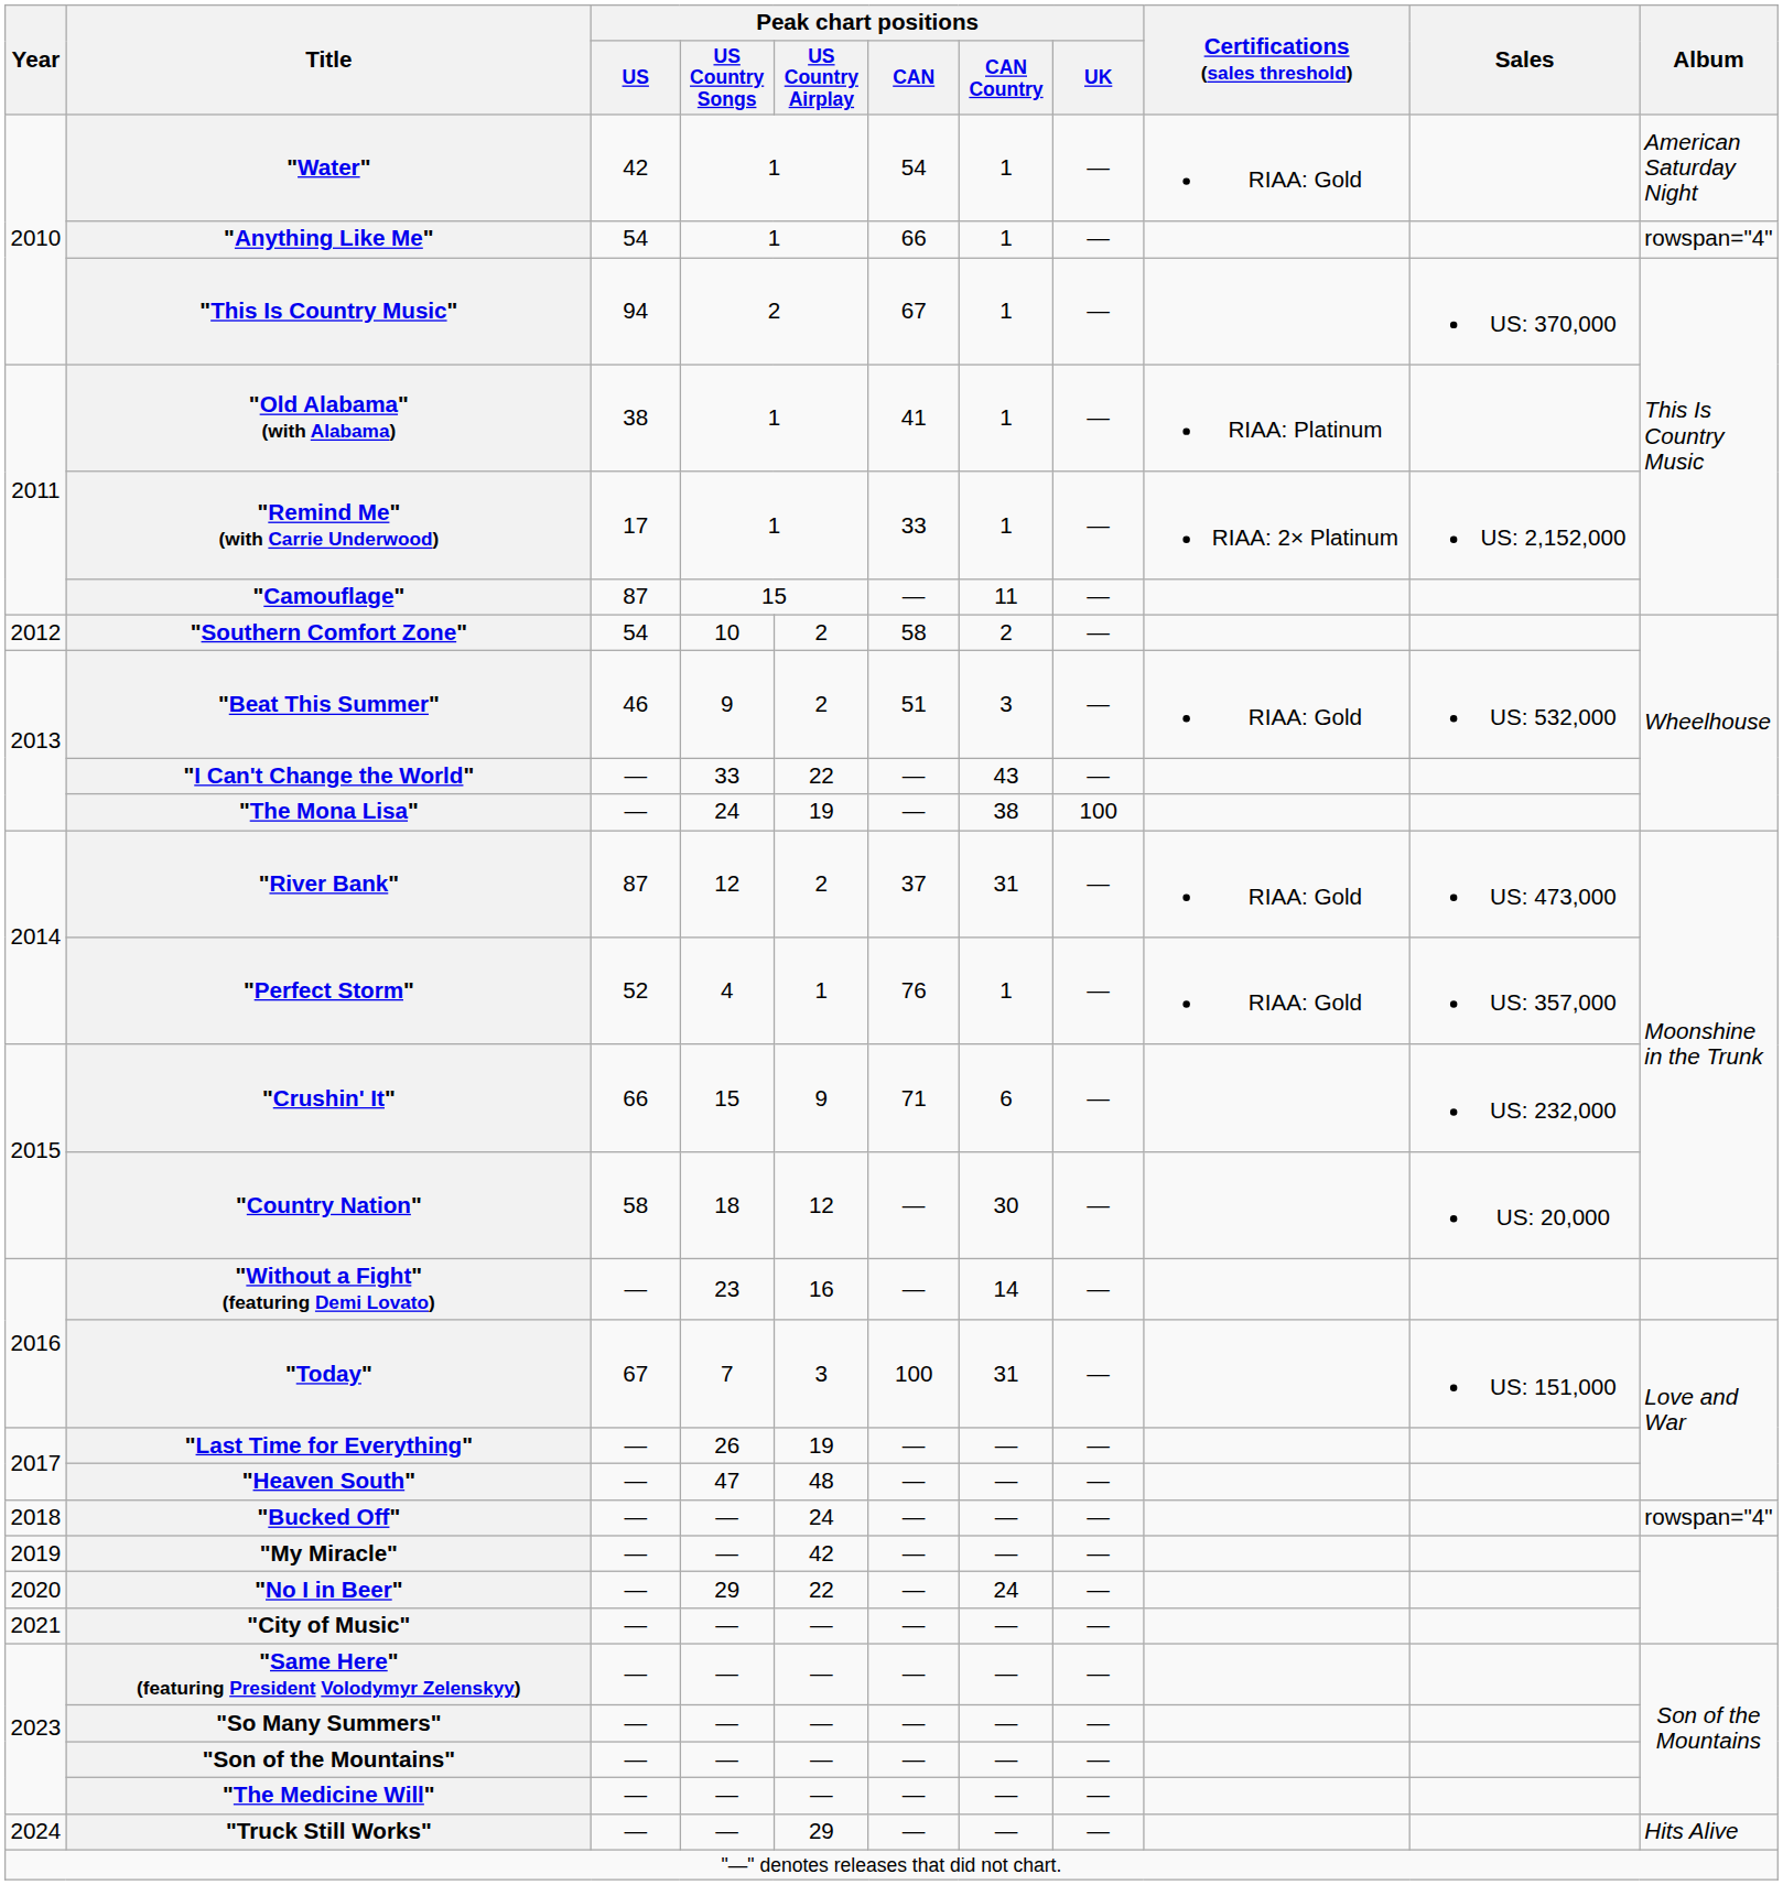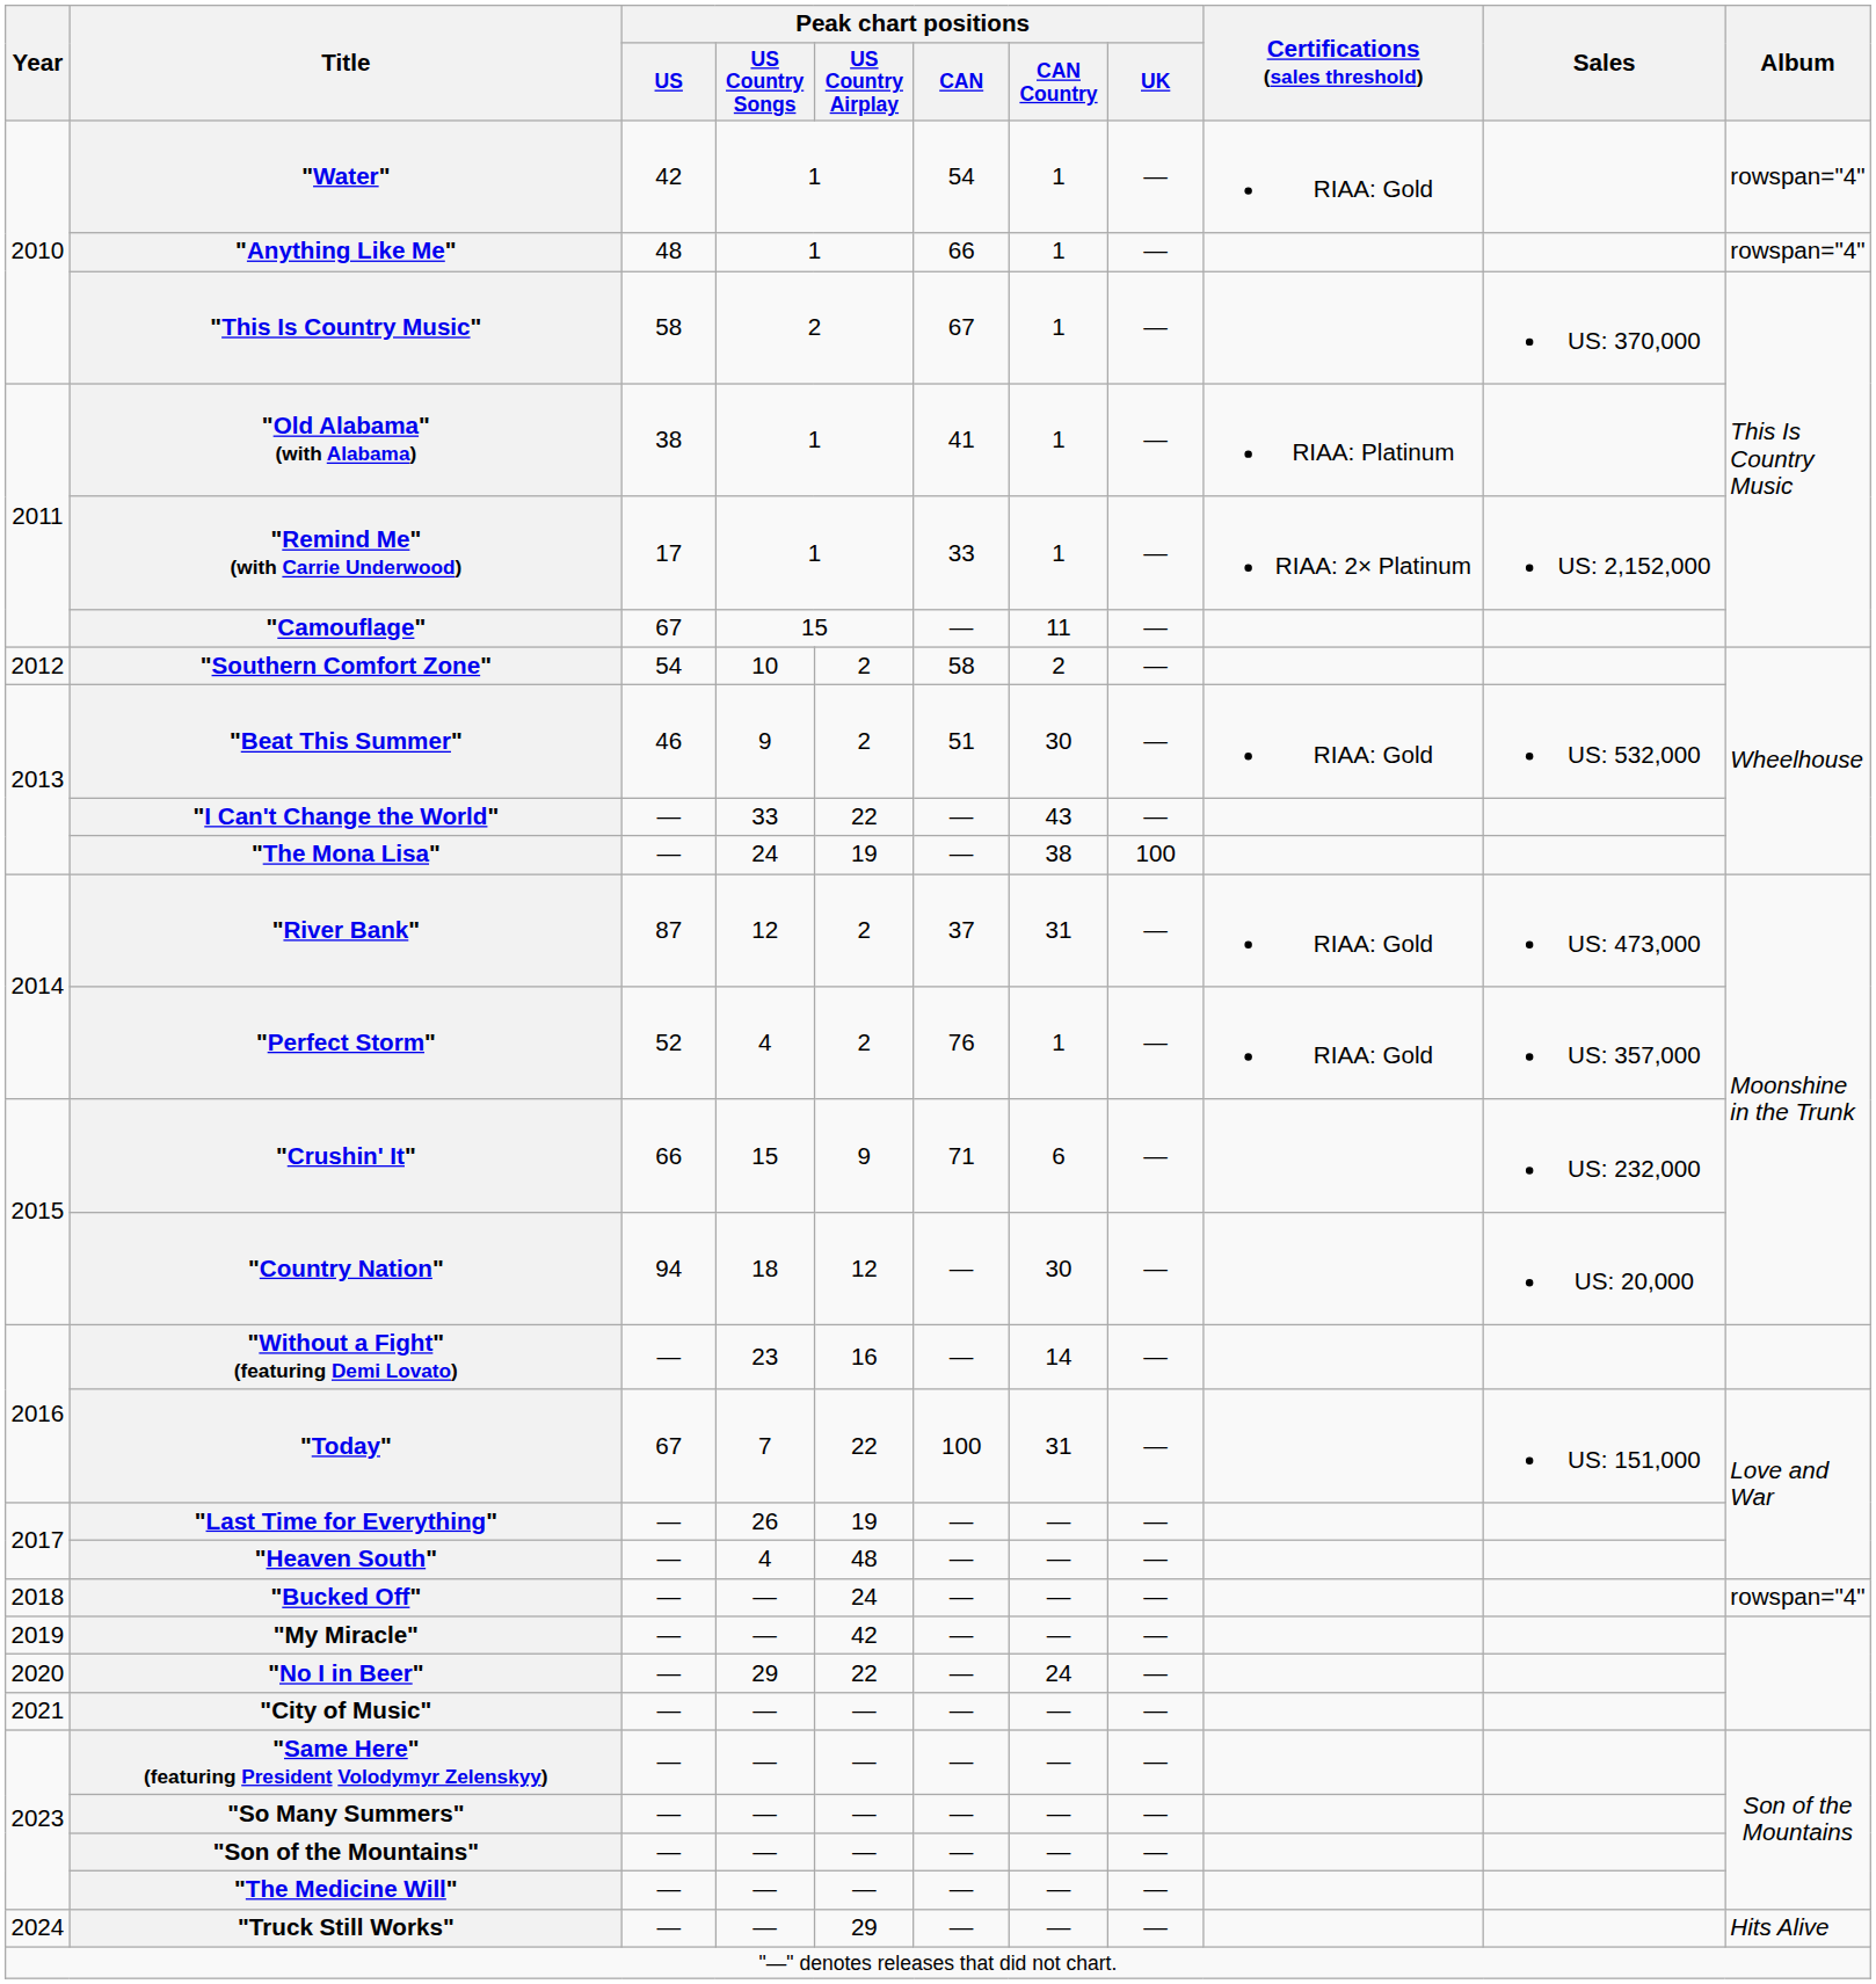 <table class="wikitable plainrowheaders" style="text-align:center;">
 <tr>
 <th scope="col" rowspan="2">Year</th>
 <th scope="col" rowspan="2" style="width:25em;">Title</th>
 <th scope="col" colspan="6">Peak chart positions</th>
 <th scope="col" rowspan="2" style="width:12em;"><a href='#'>Certifications</a><br><small>(<a href='#'>sales threshold</a>)</small></th>
 <th scope="col" rowspan="2" style="width:10em;">Sales</th>
 <th scope="col" rowspan="2">Album</th>
 </tr>
 <tr>
 <th scope="col" style="width:4.5em;font-size:85%;"><a href='#'>US</a><br></th>
 <th scope="col" style="width:4.5em;font-size:85%;"><a href='#'>US Country Songs</a><br></th>
 <th scope="col" style="width:4.5em;font-size:85%;"><a href='#'>US Country Airplay</a><br></th>
 <th scope="col" style="width:4.5em;font-size:85%;"><a href='#'>CAN</a><br></th>
 <th scope="col" style="width:4.5em;font-size:85%;"><a href='#'>CAN Country</a><br></th>
 <th scope="col" style="width:4.5em;font-size:85%;"><a href='#'>UK</a></th>
 </tr>
 <tr>
 <td rowspan="3">2010</td>
 <th scope="row">"<a href='#'>Water</a>"</th>
 <td>42</td>
 <td colspan="2">1</td>
 <td>54</td>
 <td>1</td>
 <td>—</td>
 <td><br><ul><li>RIAA: Gold</li></ul></td>
 <td></td>
-<td align="left"><em>American Saturday Night</em></td>
+<td>rowspan="4" </td>
 </tr>
 <tr>
 <th scope="row">"<a href='#'>Anything Like Me</a>"</th>
-<td>54</td>
+<td>48</td>
 <td colspan="2">1</td>
 <td>66</td>
 <td>1</td>
 <td>—</td>
 <td></td>
 <td></td>
 <td>rowspan="4" </td>
 </tr>
 <tr>
 <th scope="row">"<a href='#'>This Is Country Music</a>"</th>
-<td>94</td>
+<td>58</td>
 <td colspan="2">2</td>
 <td>67</td>
 <td>1</td>
 <td>—</td>
 <td></td>
 <td><br><ul><li>US: 370,000</li></ul></td>
 <td align="left" rowspan="4"><em>This Is Country Music</em></td>
 </tr>
 <tr>
 <td rowspan="3">2011</td>
 <th scope="row">"<a href='#'>Old Alabama</a>"<br> <small>(with <a href='#'>Alabama</a>)</small></th>
 <td>38</td>
 <td colspan="2">1</td>
 <td>41</td>
 <td>1</td>
 <td>—</td>
 <td><br><ul><li>RIAA: Platinum</li></ul></td>
 <td></td>
 </tr>
 <tr>
 <th scope="row">"<a href='#'>Remind Me</a>"<br> <small>(with <a href='#'>Carrie Underwood</a>)</small></th>
 <td>17</td>
 <td colspan="2">1</td>
 <td>33</td>
 <td>1</td>
 <td>—</td>
 <td><br><ul><li>RIAA: 2× Platinum</li></ul></td>
 <td><br><ul><li>US: 2,152,000</li></ul></td>
 </tr>
 <tr>
 <th scope="row">"<a href='#'>Camouflage</a>"</th>
-<td>87</td>
+<td>67</td>
 <td colspan="2">15</td>
 <td>—</td>
 <td>11</td>
 <td>—</td>
 <td></td>
 <td></td>
 </tr>
 <tr>
 <td>2012</td>
 <th scope="row">"<a href='#'>Southern Comfort Zone</a>"</th>
 <td>54</td>
 <td>10</td>
 <td>2</td>
 <td>58</td>
 <td>2</td>
 <td>—</td>
 <td></td>
 <td></td>
 <td align="left" rowspan="4"><em>Wheelhouse</em></td>
 </tr>
 <tr>
 <td rowspan="3">2013</td>
 <th scope="row">"<a href='#'>Beat This Summer</a>"</th>
 <td>46</td>
 <td>9</td>
 <td>2</td>
 <td>51</td>
-<td>3</td>
+<td>30</td>
 <td>—</td>
 <td><br><ul><li>RIAA: Gold</li></ul></td>
 <td><br><ul><li>US: 532,000</li></ul></td>
 </tr>
 <tr>
 <th scope="row">"<a href='#'>I Can't Change the World</a>"</th>
 <td>—</td>
 <td>33</td>
 <td>22</td>
 <td>—</td>
 <td>43</td>
 <td>—</td>
 <td></td>
 <td></td>
 </tr>
 <tr>
 <th scope="row">"<a href='#'>The Mona Lisa</a>"</th>
 <td>—</td>
 <td>24</td>
 <td>19</td>
 <td>—</td>
 <td>38</td>
 <td>100</td>
 <td></td>
 <td></td>
 </tr>
 <tr>
 <td rowspan="2">2014</td>
 <th scope="row">"<a href='#'>River Bank</a>"</th>
 <td>87</td>
 <td>12</td>
 <td>2</td>
 <td>37</td>
 <td>31</td>
 <td>—</td>
 <td><br><ul><li>RIAA: Gold</li></ul></td>
 <td><br><ul><li>US: 473,000</li></ul></td>
 <td align="left" rowspan="4"><em>Moonshine in the Trunk</em></td>
 </tr>
 <tr>
 <th scope="row">"<a href='#'>Perfect Storm</a>"</th>
 <td>52</td>
 <td>4</td>
-<td>1</td>
+<td>2</td>
 <td>76</td>
 <td>1</td>
 <td>—</td>
 <td><br><ul><li>RIAA: Gold</li></ul></td>
 <td><br><ul><li>US: 357,000</li></ul></td>
 </tr>
 <tr>
 <td rowspan="2">2015</td>
 <th scope="row">"<a href='#'>Crushin' It</a>"</th>
 <td>66</td>
 <td>15</td>
 <td>9</td>
 <td>71</td>
 <td>6</td>
 <td>—</td>
 <td></td>
 <td><br><ul><li>US: 232,000</li></ul></td>
 </tr>
 <tr>
 <th scope="row">"<a href='#'>Country Nation</a>"</th>
-<td>58</td>
+<td>94</td>
 <td>18</td>
 <td>12</td>
 <td>—</td>
 <td>30</td>
 <td>—</td>
 <td></td>
 <td><br><ul><li>US: 20,000</li></ul></td>
 </tr>
 <tr>
 <td rowspan="2">2016</td>
 <th scope="row">"<a href='#'>Without a Fight</a>"<br> <small>(featuring <a href='#'>Demi Lovato</a>)</small></th>
 <td>—</td>
 <td>23</td>
 <td>16</td>
 <td>—</td>
 <td>14</td>
 <td>—</td>
 <td></td>
 <td></td>
 <td></td>
 </tr>
 <tr>
 <th scope="row">"<a href='#'>Today</a>"</th>
 <td>67</td>
 <td>7</td>
-<td>3</td>
+<td>22</td>
 <td>100</td>
 <td>31</td>
 <td>—</td>
 <td></td>
 <td><br><ul><li>US: 151,000</li></ul></td>
 <td align="left" rowspan="3"><em>Love and War</em></td>
 </tr>
 <tr>
 <td rowspan="2">2017</td>
 <th scope="row">"<a href='#'>Last Time for Everything</a>"</th>
 <td>—</td>
 <td>26</td>
 <td>19</td>
 <td>—</td>
 <td>—</td>
 <td>—</td>
 <td></td>
 <td></td>
 </tr>
 <tr>
 <th scope="row">"<a href='#'>Heaven South</a>"</th>
 <td>—</td>
-<td>47</td>
+<td>4</td>
 <td>48</td>
 <td>—</td>
 <td>—</td>
 <td>—</td>
 <td></td>
 <td></td>
 </tr>
 <tr>
 <td>2018</td>
 <th scope="row">"<a href='#'>Bucked Off</a>"</th>
 <td>—</td>
 <td>—</td>
 <td>24</td>
 <td>—</td>
 <td>—</td>
 <td>—</td>
 <td></td>
 <td></td>
 <td>rowspan="4" </td>
 </tr>
 <tr>
 <td>2019</td>
 <th scope="row">"My Miracle"</th>
 <td>—</td>
 <td>—</td>
 <td>42</td>
 <td>—</td>
 <td>—</td>
 <td>—</td>
 <td></td>
 <td></td>
 </tr>
 <tr>
 <td>2020</td>
 <th scope="row">"<a href='#'>No I in Beer</a>"</th>
 <td>—</td>
 <td>29</td>
 <td>22</td>
 <td>—</td>
 <td>24</td>
 <td>—</td>
 <td></td>
 <td></td>
 </tr>
 <tr>
 <td>2021</td>
 <th scope="row">"City of Music"</th>
 <td>—</td>
 <td>—</td>
 <td>—</td>
 <td>—</td>
 <td>—</td>
 <td>—</td>
 <td></td>
 <td></td>
 </tr>
 <tr>
 <td rowspan=4>2023</td>
 <th scope="row">"<a href='#'>Same Here</a>"<br> <small>(featuring <a href='#'>President</a> <a href='#'>Volodymyr Zelenskyy</a>)</small></th>
 <td>—</td>
 <td>—</td>
 <td>—</td>
 <td>—</td>
 <td>—</td>
 <td>—</td>
 <td></td>
 <td></td>
 <td rowspan="4"><em>Son of the Mountains</em></td>
 </tr>
 <tr>
 <th scope="row">"So Many Summers"</th>
 <td>—</td>
 <td>—</td>
 <td>—</td>
 <td>—</td>
 <td>—</td>
 <td>—</td>
 <td></td>
 <td></td>
 </tr>
 <tr>
 <th scope="row">"Son of the Mountains"</th>
 <td>—</td>
 <td>—</td>
 <td>—</td>
 <td>—</td>
 <td>—</td>
 <td>—</td>
 <td></td>
 <td></td>
 </tr>
 <tr>
 <th scope="row">"<a href='#'>The Medicine Will</a>"</th>
 <td>—</td>
 <td>—</td>
 <td>—</td>
 <td>—</td>
 <td>—</td>
 <td>—</td>
 <td></td>
 <td></td>
 </tr>
 <tr>
 <td>2024</td>
 <th scope="row">"Truck Still Works"</th>
 <td>—</td>
 <td>—</td>
 <td>29</td>
 <td>—</td>
 <td>—</td>
 <td>—</td>
 <td></td>
 <td></td>
 <td align="left"><em>Hits Alive</em></td>
 </tr>
 <tr>
 <td colspan="11" style="font-size:85%">"—" denotes releases that did not chart.</td>
 </tr>
 </table>
